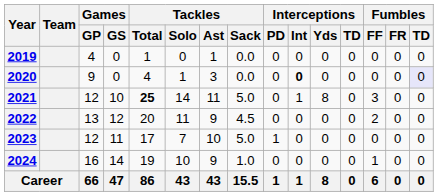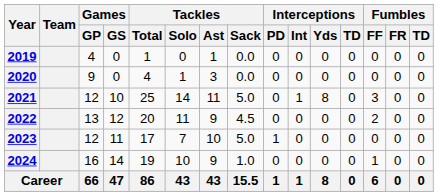 <table class="wikitable" style="text-align:center;">
 <tr>
 <th rowspan="2">Year</th>
 <th rowspan="2">Team</th>
 <th colspan="2">Games</th>
 <th colspan="4">Tackles</th>
 <th colspan="4">Interceptions</th>
 <th colspan="3">Fumbles</th>
 </tr>
 <tr>
 <th>GP</th>
 <th>GS</th>
 <th>Total</th>
 <th>Solo</th>
 <th>Ast</th>
 <th>Sack</th>
 <th>PD</th>
 <th>Int</th>
 <th>Yds</th>
 <th>TD</th>
 <th>FF</th>
 <th>FR</th>
 <th>TD</th>
 </tr>
 <tr>
 <th><a href='#'>2019</a></th>
 <th><a href='#'></a></th>
 <td>4</td>
 <td>0</td>
 <td>1</td>
 <td>0</td>
 <td>1</td>
 <td>0.0</td>
 <td>0</td>
 <td>0</td>
 <td>0</td>
 <td>0</td>
 <td>0</td>
 <td>0</td>
 <td>0</td>
 </tr>
 <tr>
 <th><a href='#'>2020</a></th>
 <th><a href='#'></a></th>
 <td>9</td>
 <td>0</td>
 <td>4</td>
 <td>1</td>
 <td>3</td>
 <td>0.0</td>
 <td>0</td>
-<td><strong>0</strong></td>
 <td>0</td>
 <td>0</td>
 <td>0</td>
 <td>0</td>
-<td style="background: lavender;">0</td>
+<td>0</td>
+<td>0</td>
 </tr>
 <tr>
 <th><a href='#'>2021</a></th>
 <th><a href='#'></a></th>
 <td>12</td>
 <td>10</td>
-<td><strong>25</strong></td>
+<td>25</td>
 <td>14</td>
 <td>11</td>
 <td>5.0</td>
 <td>0</td>
 <td>1</td>
 <td>8</td>
 <td>0</td>
 <td>3</td>
 <td>0</td>
 <td>0</td>
 </tr>
 <tr>
 <th><a href='#'>2022</a></th>
 <th><a href='#'></a></th>
 <td>13</td>
 <td>12</td>
 <td>20</td>
 <td>11</td>
 <td>9</td>
 <td>4.5</td>
 <td>0</td>
 <td>0</td>
 <td>0</td>
 <td>0</td>
 <td>2</td>
 <td>0</td>
 <td>0</td>
 </tr>
 <tr>
 <th><a href='#'>2023</a></th>
 <th><a href='#'></a></th>
 <td>12</td>
 <td>11</td>
 <td>17</td>
 <td>7</td>
 <td>10</td>
 <td>5.0</td>
 <td>1</td>
 <td>0</td>
 <td>0</td>
 <td>0</td>
 <td>0</td>
 <td>0</td>
 <td>0</td>
 </tr>
 <tr>
 <th><a href='#'>2024</a></th>
 <th><a href='#'></a></th>
 <td>16</td>
 <td>14</td>
 <td>19</td>
 <td>10</td>
 <td>9</td>
 <td>1.0</td>
 <td>0</td>
 <td>0</td>
 <td>0</td>
 <td>0</td>
 <td>1</td>
 <td>0</td>
 <td>0</td>
 </tr>
 <tr>
 <th align=center colspan="2">Career</th>
 <th>66</th>
 <th>47</th>
 <th>86</th>
 <th>43</th>
 <th>43</th>
 <th>15.5</th>
 <th>1</th>
 <th>1</th>
 <th>8</th>
 <th>0</th>
 <th>6</th>
 <th>0</th>
 <th>0</th>
 </tr>
 </table>
